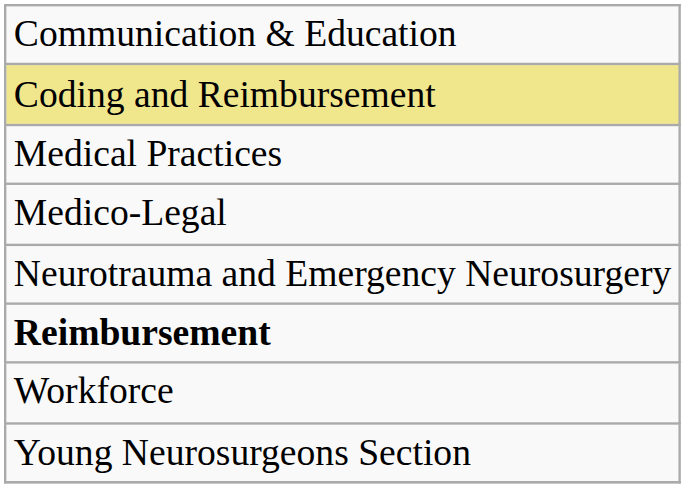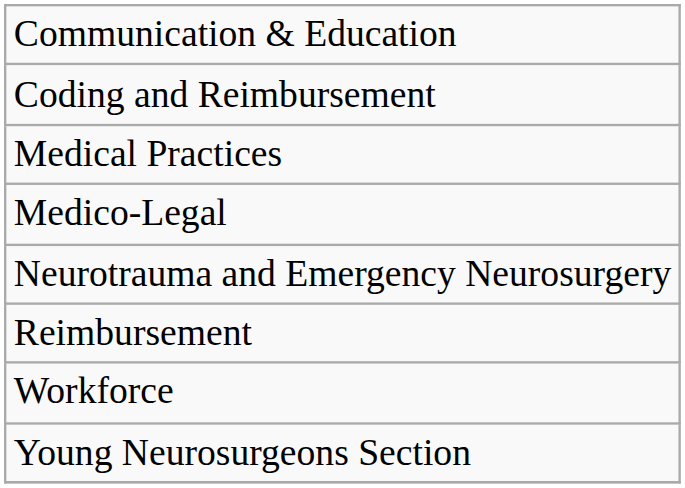 <table class="wikitable">
 <tr>
 <td>Communication & Education</td>
 </tr>
 <tr>
-<td style="background: khaki;">Coding and Reimbursement</td>
+<td>Coding and Reimbursement</td>
 </tr>
 <tr>
 <td>Medical Practices</td>
 </tr>
 <tr>
 <td>Medico-Legal</td>
 </tr>
 <tr>
 <td>Neurotrauma and Emergency Neurosurgery</td>
 </tr>
 <tr>
-<td><strong>Reimbursement</strong></td>
+<td>Reimbursement</td>
 </tr>
 <tr>
 <td>Workforce</td>
 </tr>
 <tr>
 <td>Young Neurosurgeons Section</td>
 </tr>
 <tr>
 </tr>
 </table>
